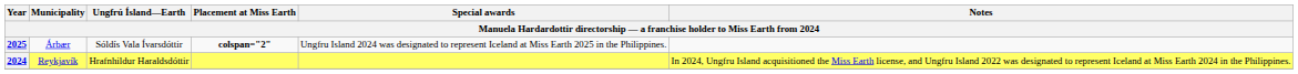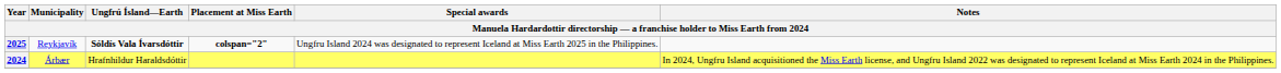 <table class="wikitable " style="font-size: 90%; text-align:center;">
 <tr>
 <th>Year</th>
 <th>Municipality</th>
 <th>Ungfrú Ísland―Earth</th>
 <th>Placement at Miss Earth</th>
 <th>Special awards</th>
 <th>Notes</th>
 </tr>
 <tr>
 <th colspan="6">Manuela Hardardottir directorship — a franchise holder to Miss Earth from 2024</th>
 </tr>
 <tr>
 <th><a href='#'>2025</a></th>
-<td><a href='#'>Árbær</a></td>
-<td>Sóldís Vala Ívarsdóttir</td>
+<td><a href='#'>Reykjavík</a></td>
+<td><strong>Sóldís Vala Ívarsdóttir</strong></td>
 <td><strong>colspan="2" </strong></td>
 <td>Ungfru Island 2024 was designated to represent Iceland at Miss Earth 2025 in the Philippines.</td>
 </tr>
 <tr style="background-color:#FFFF66;">
 <th><a href='#'>2024</a></th>
-<td><a href='#'>Reykjavík</a></td>
+<td><a href='#'>Árbær</a></td>
 <td>Hrafnhildur Haraldsdóttir</td>
 <td></td>
 <td></td>
 <td>In 2024, Ungfru Island acquisitioned the <a href='#'>Miss Earth</a> license, and Ungfru Island 2022 was designated to represent Iceland at Miss Earth 2024 in the Philippines.</td>
 </tr>
 <tr>
 </tr>
 </table>
